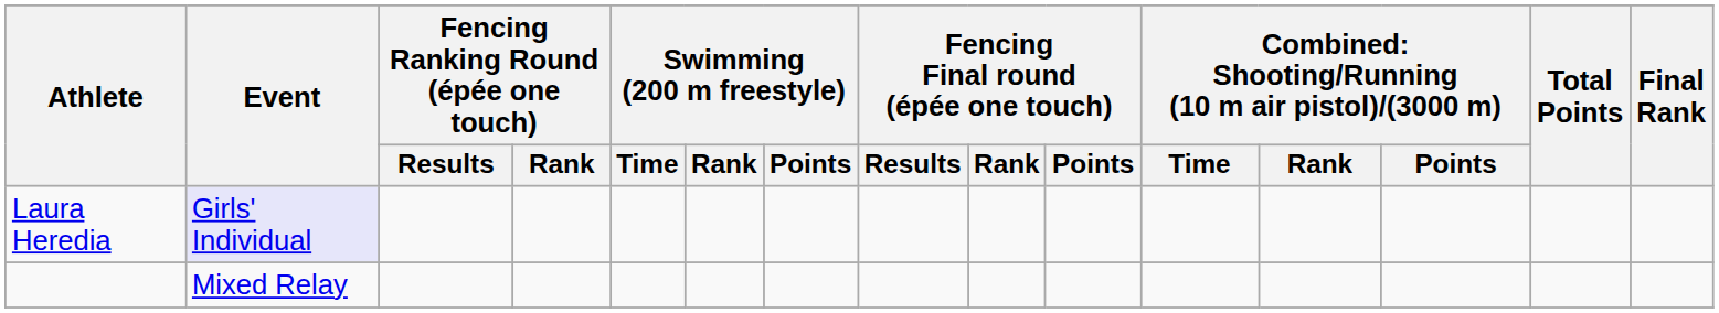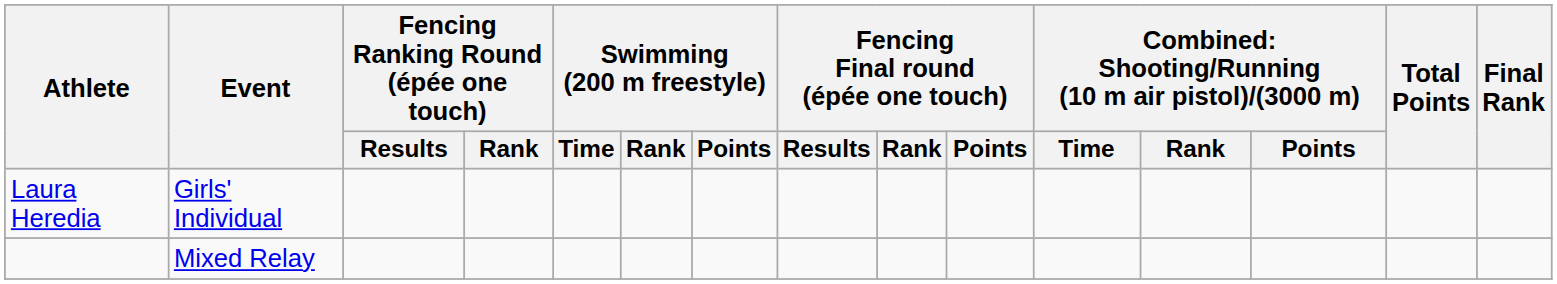 <table class="wikitable" style="font-size:90%;">
 <tr>
 <th rowspan=2>Athlete</th>
 <th rowspan=2>Event</th>
 <th colspan=2>Fencing<br>Ranking Round<br><span>(épée one touch)</span></th>
 <th colspan=3>Swimming<br><span>(200 m freestyle)</span></th>
 <th colspan=3>Fencing<br>Final round<br><span>(épée one touch)</span></th>
 <th colspan=3>Combined: Shooting/Running<br><span>(10 m air pistol)/(3000 m)</span></th>
 <th rowspan=2>Total<br>Points</th>
 <th rowspan=2>Final<br>Rank</th>
 </tr>
 <tr style="font-size:95%">
 <th>Results</th>
 <th>Rank</th>
 <th>Time</th>
 <th>Rank</th>
 <th>Points</th>
 <th>Results</th>
 <th>Rank</th>
 <th>Points</th>
 <th>Time</th>
 <th>Rank</th>
 <th>Points</th>
 </tr>
 <tr align=center>
 <td align=left><a href='#'>Laura Heredia</a></td>
-<td align=left style="background: lavender;"><a href='#'>Girls' Individual</a></td>
+<td align=left><a href='#'>Girls' Individual</a></td>
 <td></td>
 <td></td>
 <td></td>
 <td></td>
 <td></td>
 <td></td>
 <td></td>
 <td></td>
 <td></td>
 <td></td>
 <td></td>
 <td></td>
 <td></td>
 </tr>
 <tr align=center>
 <td align=left><br></td>
 <td align=left><a href='#'>Mixed Relay</a></td>
 <td></td>
 <td></td>
 <td></td>
 <td></td>
 <td></td>
 <td></td>
 <td></td>
 <td></td>
 <td></td>
 <td></td>
 <td></td>
 <td></td>
 <td></td>
 </tr>
 </table>
